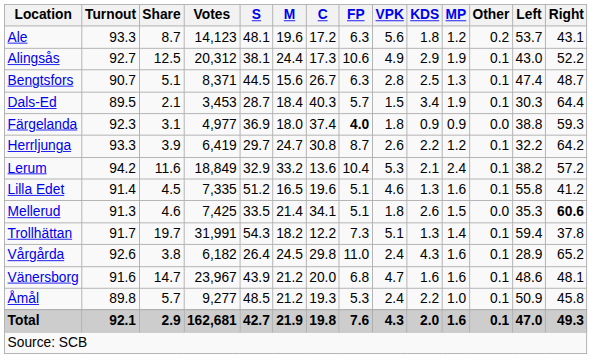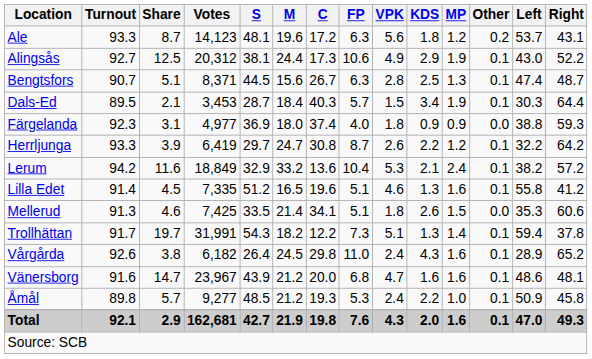 <table class="wikitable sortable" style=text-align:right>
 <tr>
 <th>Location</th>
 <th>Turnout</th>
 <th>Share</th>
 <th>Votes</th>
 <th><a href='#'>S</a></th>
 <th><a href='#'>M</a></th>
 <th><a href='#'>C</a></th>
 <th><a href='#'>FP</a></th>
 <th><a href='#'>VPK</a></th>
 <th><a href='#'>KDS</a></th>
 <th><a href='#'>MP</a></th>
 <th>Other</th>
 <th>Left</th>
 <th>Right</th>
 </tr>
 <tr>
 <td align=left><a href='#'>Ale</a></td>
 <td>93.3</td>
 <td>8.7</td>
 <td>14,123</td>
 <td>48.1</td>
 <td>19.6</td>
 <td>17.2</td>
 <td>6.3</td>
 <td>5.6</td>
 <td>1.8</td>
 <td>1.2</td>
 <td>0.2</td>
 <td>53.7</td>
 <td>43.1</td>
 </tr>
 <tr>
 <td align=left><a href='#'>Alingsås</a></td>
 <td>92.7</td>
 <td>12.5</td>
 <td>20,312</td>
 <td>38.1</td>
 <td>24.4</td>
 <td>17.3</td>
 <td>10.6</td>
 <td>4.9</td>
 <td>2.9</td>
 <td>1.9</td>
 <td>0.1</td>
 <td>43.0</td>
 <td>52.2</td>
 </tr>
 <tr>
 <td align=left><a href='#'>Bengtsfors</a></td>
 <td>90.7</td>
 <td>5.1</td>
 <td>8,371</td>
 <td>44.5</td>
 <td>15.6</td>
 <td>26.7</td>
 <td>6.3</td>
 <td>2.8</td>
 <td>2.5</td>
 <td>1.3</td>
 <td>0.1</td>
 <td>47.4</td>
 <td>48.7</td>
 </tr>
 <tr>
 <td align=left><a href='#'>Dals-Ed</a></td>
 <td>89.5</td>
 <td>2.1</td>
 <td>3,453</td>
 <td>28.7</td>
 <td>18.4</td>
 <td>40.3</td>
 <td>5.7</td>
 <td>1.5</td>
 <td>3.4</td>
 <td>1.9</td>
 <td>0.1</td>
 <td>30.3</td>
 <td>64.4</td>
 </tr>
 <tr>
 <td align=left><a href='#'>Färgelanda</a></td>
 <td>92.3</td>
 <td>3.1</td>
 <td>4,977</td>
 <td>36.9</td>
 <td>18.0</td>
 <td>37.4</td>
-<td><strong>4.0</strong></td>
+<td>4.0</td>
 <td>1.8</td>
 <td>0.9</td>
 <td>0.9</td>
 <td>0.0</td>
 <td>38.8</td>
 <td>59.3</td>
 </tr>
 <tr>
 <td align=left><a href='#'>Herrljunga</a></td>
 <td>93.3</td>
 <td>3.9</td>
 <td>6,419</td>
 <td>29.7</td>
 <td>24.7</td>
 <td>30.8</td>
 <td>8.7</td>
 <td>2.6</td>
 <td>2.2</td>
 <td>1.2</td>
 <td>0.1</td>
 <td>32.2</td>
 <td>64.2</td>
 </tr>
 <tr>
 <td align=left><a href='#'>Lerum</a></td>
 <td>94.2</td>
 <td>11.6</td>
 <td>18,849</td>
 <td>32.9</td>
 <td>33.2</td>
 <td>13.6</td>
 <td>10.4</td>
 <td>5.3</td>
 <td>2.1</td>
 <td>2.4</td>
 <td>0.1</td>
 <td>38.2</td>
 <td>57.2</td>
 </tr>
 <tr>
 <td align=left><a href='#'>Lilla Edet</a></td>
 <td>91.4</td>
 <td>4.5</td>
 <td>7,335</td>
 <td>51.2</td>
 <td>16.5</td>
 <td>19.6</td>
 <td>5.1</td>
 <td>4.6</td>
 <td>1.3</td>
 <td>1.6</td>
 <td>0.1</td>
 <td>55.8</td>
 <td>41.2</td>
 </tr>
 <tr>
 <td align=left><a href='#'>Mellerud</a></td>
 <td>91.3</td>
 <td>4.6</td>
 <td>7,425</td>
 <td>33.5</td>
 <td>21.4</td>
 <td>34.1</td>
 <td>5.1</td>
 <td>1.8</td>
 <td>2.6</td>
 <td>1.5</td>
 <td>0.0</td>
 <td>35.3</td>
-<td><strong>60.6</strong></td>
+<td>60.6</td>
 </tr>
 <tr>
 <td align=left><a href='#'>Trollhättan</a></td>
 <td>91.7</td>
 <td>19.7</td>
 <td>31,991</td>
 <td>54.3</td>
 <td>18.2</td>
 <td>12.2</td>
 <td>7.3</td>
 <td>5.1</td>
 <td>1.3</td>
 <td>1.4</td>
 <td>0.1</td>
 <td>59.4</td>
 <td>37.8</td>
 </tr>
 <tr>
 <td align=left><a href='#'>Vårgårda</a></td>
 <td>92.6</td>
 <td>3.8</td>
 <td>6,182</td>
 <td>26.4</td>
 <td>24.5</td>
 <td>29.8</td>
 <td>11.0</td>
 <td>2.4</td>
 <td>4.3</td>
 <td>1.6</td>
 <td>0.1</td>
 <td>28.9</td>
 <td>65.2</td>
 </tr>
 <tr>
 <td align=left><a href='#'>Vänersborg</a></td>
 <td>91.6</td>
 <td>14.7</td>
 <td>23,967</td>
 <td>43.9</td>
 <td>21.2</td>
 <td>20.0</td>
 <td>6.8</td>
 <td>4.7</td>
 <td>1.6</td>
 <td>1.6</td>
 <td>0.1</td>
 <td>48.6</td>
 <td>48.1</td>
 </tr>
 <tr>
 <td align=left><a href='#'>Åmål</a></td>
 <td>89.8</td>
 <td>5.7</td>
 <td>9,277</td>
 <td>48.5</td>
 <td>21.2</td>
 <td>19.3</td>
 <td>5.3</td>
 <td>2.4</td>
 <td>2.2</td>
 <td>1.0</td>
 <td>0.1</td>
 <td>50.9</td>
 <td>45.8</td>
 </tr>
 <tr>
 </tr>
 <tr style="background:#CDCDCD;">
 <td align=left><strong>Total</strong></td>
 <td><strong>92.1</strong></td>
 <td><strong>2.9</strong></td>
 <td><strong>162,681</strong></td>
 <td><strong>42.7</strong></td>
 <td><strong>21.9</strong></td>
 <td><strong>19.8</strong></td>
 <td><strong>7.6</strong></td>
 <td><strong>4.3</strong></td>
 <td><strong>2.0</strong></td>
 <td><strong>1.6</strong></td>
 <td><strong>0.1</strong></td>
 <td><strong>47.0</strong></td>
 <td><strong>49.3</strong></td>
 </tr>
 <tr>
 <td align=left colspan=14>Source: SCB </td>
 </tr>
 </table>
